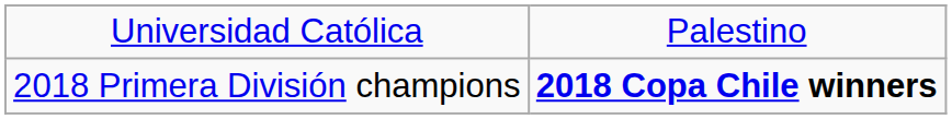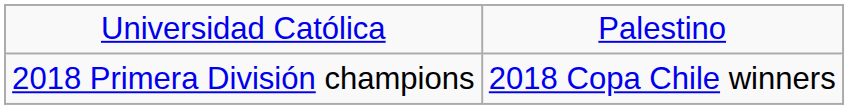 <table class="wikitable" style="text-align:center">
 <tr>
 <td><a href='#'>Universidad Católica</a></td>
 <td><a href='#'>Palestino</a></td>
 </tr>
 <tr>
 <td><a href='#'>2018 Primera División</a> champions</td>
-<td><strong><a href='#'>2018 Copa Chile</a> winners</strong></td>
+<td><a href='#'>2018 Copa Chile</a> winners</td>
 </tr>
 </table>
